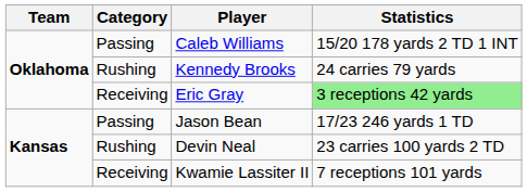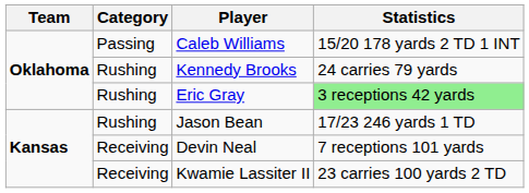 <table class="wikitable" style="float: right;">
 <tr>
 <th>Team</th>
 <th>Category</th>
 <th>Player</th>
 <th>Statistics</th>
 </tr>
 <tr>
 <td rowspan=3><strong>Oklahoma</strong></td>
 <td>Passing</td>
 <td><a href='#'>Caleb Williams</a></td>
 <td>15/20 178 yards 2 TD 1 INT</td>
 </tr>
 <tr>
 <td>Rushing</td>
 <td><a href='#'>Kennedy Brooks</a></td>
 <td>24 carries 79 yards</td>
 </tr>
 <tr>
-<td>Receiving</td>
+<td>Rushing</td>
 <td><a href='#'>Eric Gray</a></td>
 <td style="background: lightgreen;">3 receptions 42 yards</td>
 </tr>
 <tr>
 <td rowspan=3><strong>Kansas</strong></td>
-<td>Passing</td>
+<td>Rushing</td>
 <td>Jason Bean</td>
 <td>17/23 246 yards 1 TD</td>
 </tr>
 <tr>
-<td>Rushing</td>
+<td>Receiving</td>
 <td>Devin Neal</td>
-<td>23 carries 100 yards 2 TD</td>
+<td>7 receptions 101 yards</td>
 </tr>
 <tr>
 <td>Receiving</td>
 <td>Kwamie Lassiter II</td>
-<td>7 receptions 101 yards</td>
+<td>23 carries 100 yards 2 TD</td>
 </tr>
 </table>
